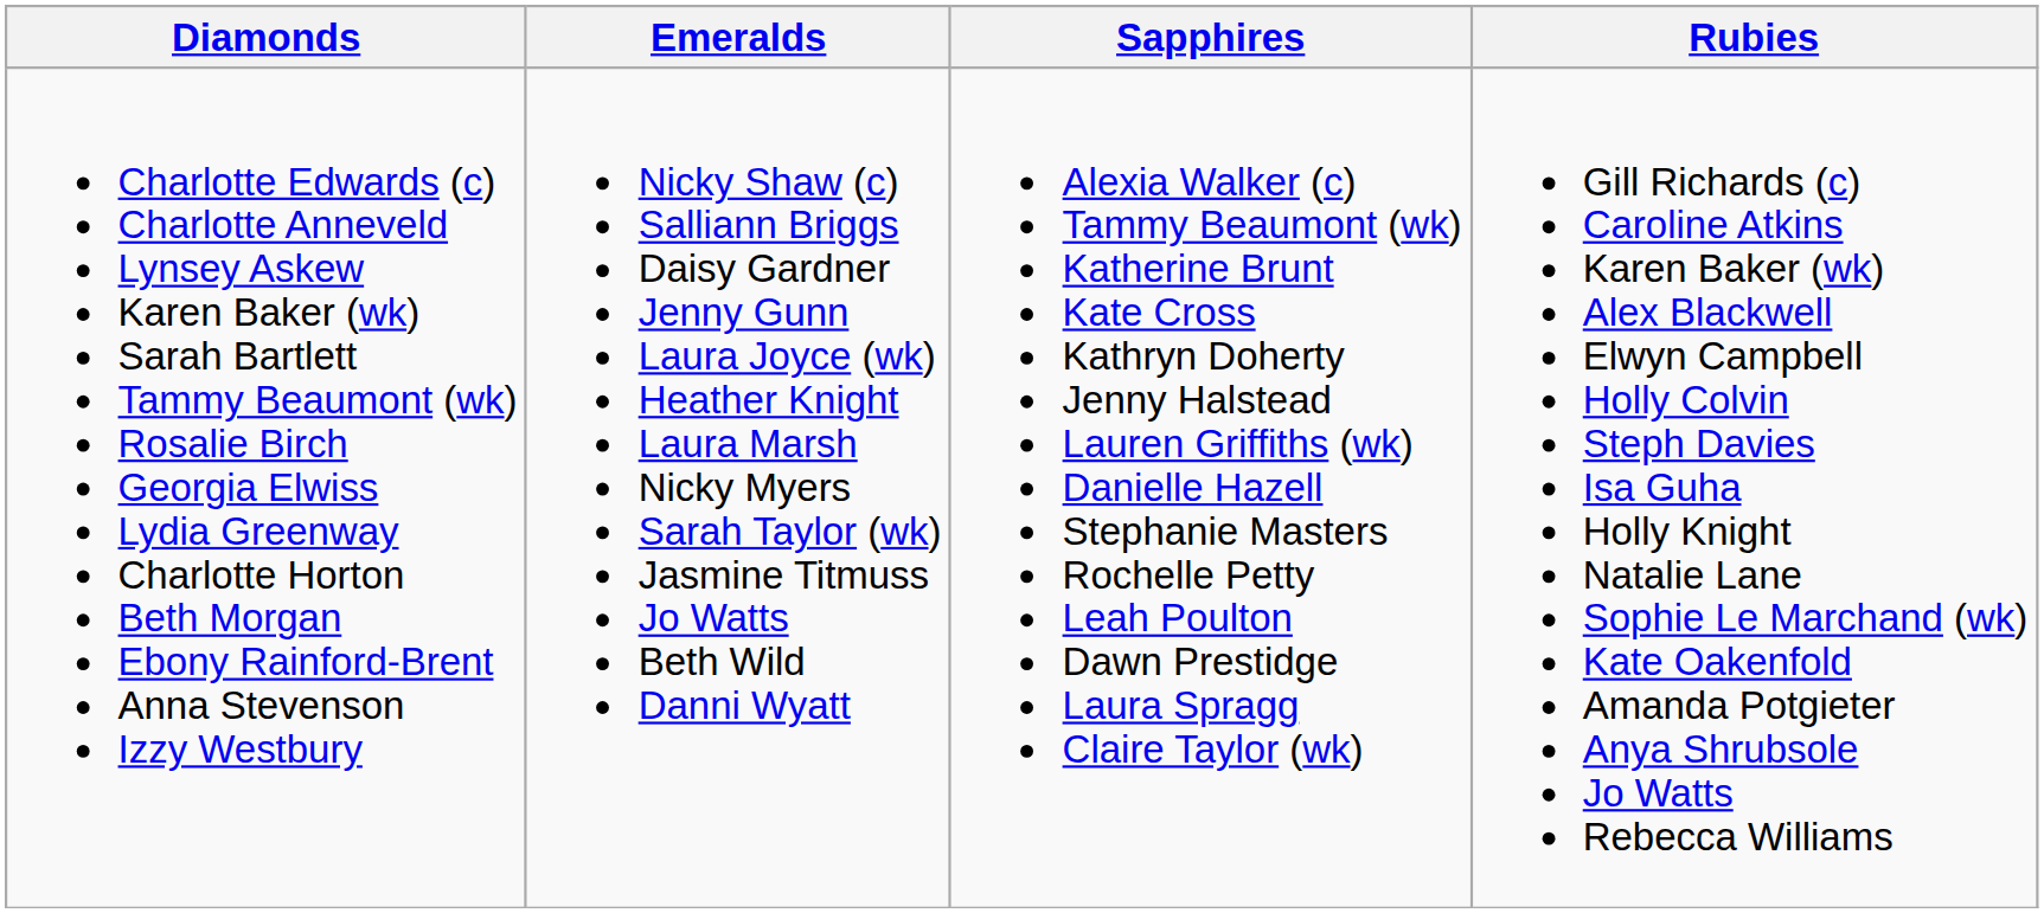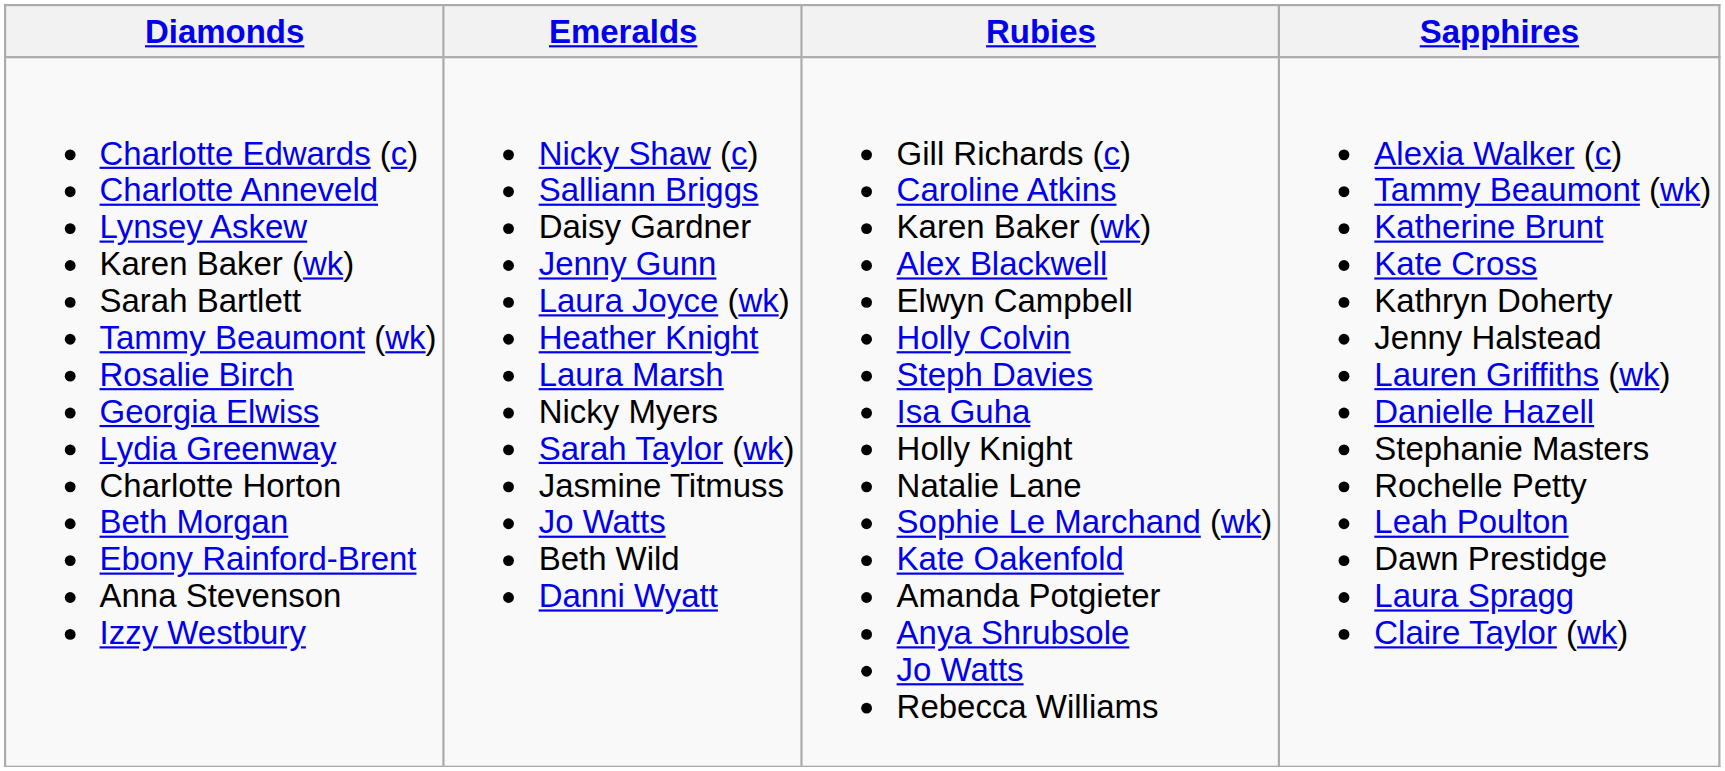 <table class="wikitable" Style="font-size:95%;">
 <tr>
 <th><a href='#'>Diamonds</a></th>
 <th><a href='#'>Emeralds</a></th>
+<th><a href='#'>Rubies</a></th>
 <th><a href='#'>Sapphires</a></th>
-<th><a href='#'>Rubies</a></th>
 </tr>
 <tr>
 <td valign=top><br><ul><li> <a href='#'>Charlotte Edwards</a> (<a href='#'>c</a>)</li><li> <a href='#'>Charlotte Anneveld</a></li><li> <a href='#'>Lynsey Askew</a></li><li> Karen Baker (<a href='#'>wk</a>)</li><li> Sarah Bartlett</li><li> <a href='#'>Tammy Beaumont</a> (<a href='#'>wk</a>)</li><li> <a href='#'>Rosalie Birch</a></li><li> <a href='#'>Georgia Elwiss</a></li><li> <a href='#'>Lydia Greenway</a></li><li> Charlotte Horton</li><li> <a href='#'>Beth Morgan</a></li><li> <a href='#'>Ebony Rainford-Brent</a></li><li> Anna Stevenson</li><li> <a href='#'>Izzy Westbury</a></li></ul></td>
 <td valign=top><br><ul><li> <a href='#'>Nicky Shaw</a> (<a href='#'>c</a>)</li><li> <a href='#'>Salliann Briggs</a></li><li> Daisy Gardner</li><li> <a href='#'>Jenny Gunn</a></li><li> <a href='#'>Laura Joyce</a> (<a href='#'>wk</a>)</li><li> <a href='#'>Heather Knight</a></li><li> <a href='#'>Laura Marsh</a></li><li> Nicky Myers</li><li> <a href='#'>Sarah Taylor</a> (<a href='#'>wk</a>)</li><li> Jasmine Titmuss</li><li> <a href='#'>Jo Watts</a></li><li> Beth Wild</li><li> <a href='#'>Danni Wyatt</a></li></ul></td>
+<td valign=top><br><ul><li> Gill Richards (<a href='#'>c</a>)</li><li> <a href='#'>Caroline Atkins</a></li><li> Karen Baker (<a href='#'>wk</a>)</li><li> <a href='#'>Alex Blackwell</a></li><li> Elwyn Campbell</li><li> <a href='#'>Holly Colvin</a></li><li> <a href='#'>Steph Davies</a></li><li> <a href='#'>Isa Guha</a></li><li> Holly Knight</li><li> Natalie Lane</li><li> <a href='#'>Sophie Le Marchand</a> (<a href='#'>wk</a>)</li><li> <a href='#'>Kate Oakenfold</a></li><li> Amanda Potgieter</li><li> <a href='#'>Anya Shrubsole</a></li><li> <a href='#'>Jo Watts</a></li><li> Rebecca Williams</li></ul></td>
 <td valign=top><br><ul><li> <a href='#'>Alexia Walker</a> (<a href='#'>c</a>)</li><li> <a href='#'>Tammy Beaumont</a> (<a href='#'>wk</a>)</li><li> <a href='#'>Katherine Brunt</a></li><li> <a href='#'>Kate Cross</a></li><li> Kathryn Doherty</li><li> Jenny Halstead</li><li> <a href='#'>Lauren Griffiths</a> (<a href='#'>wk</a>)</li><li> <a href='#'>Danielle Hazell</a></li><li> Stephanie Masters</li><li> Rochelle Petty</li><li> <a href='#'>Leah Poulton</a></li><li> Dawn Prestidge</li><li> <a href='#'>Laura Spragg</a></li><li> <a href='#'>Claire Taylor</a> (<a href='#'>wk</a>)</li></ul></td>
-<td valign=top><br><ul><li> Gill Richards (<a href='#'>c</a>)</li><li> <a href='#'>Caroline Atkins</a></li><li> Karen Baker (<a href='#'>wk</a>)</li><li> <a href='#'>Alex Blackwell</a></li><li> Elwyn Campbell</li><li> <a href='#'>Holly Colvin</a></li><li> <a href='#'>Steph Davies</a></li><li> <a href='#'>Isa Guha</a></li><li> Holly Knight</li><li> Natalie Lane</li><li> <a href='#'>Sophie Le Marchand</a> (<a href='#'>wk</a>)</li><li> <a href='#'>Kate Oakenfold</a></li><li> Amanda Potgieter</li><li> <a href='#'>Anya Shrubsole</a></li><li> <a href='#'>Jo Watts</a></li><li> Rebecca Williams</li></ul></td>
 </tr>
 </table>
